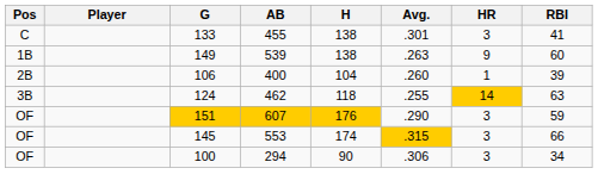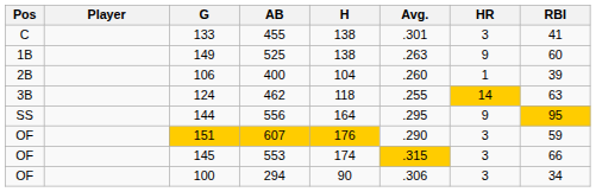 <table class="wikitable sortable">
 <tr>
 <th bgcolor="#DDDDFF" width="5%">Pos</th>
 <th bgcolor="#DDDDFF" width="16%">Player</th>
 <th bgcolor="#DDDDFF" width="9%">G</th>
 <th bgcolor="#DDDDFF" width="9%">AB</th>
 <th bgcolor="#DDDDFF" width="9%">H</th>
 <th bgcolor="#DDDDFF" width="9%">Avg.</th>
 <th bgcolor="#DDDDFF" width="9%">HR</th>
 <th bgcolor="#DDDDFF" width="9%">RBI</th>
 </tr>
 <tr align="center">
 <td>C</td>
 <td></td>
 <td>133</td>
 <td>455</td>
 <td>138</td>
 <td>.301</td>
 <td>3</td>
 <td>41</td>
 </tr>
 <tr align="center">
 <td>1B</td>
 <td></td>
 <td>149</td>
-<td>539</td>
+<td>525</td>
 <td>138</td>
 <td>.263</td>
 <td>9</td>
 <td>60</td>
 </tr>
 <tr align="center">
 <td>2B</td>
 <td></td>
 <td>106</td>
 <td>400</td>
 <td>104</td>
 <td>.260</td>
 <td>1</td>
 <td>39</td>
 </tr>
 <tr align="center">
 <td>3B</td>
 <td></td>
 <td>124</td>
 <td>462</td>
 <td>118</td>
 <td>.255</td>
 <td style="background:#fc0;">14</td>
 <td>63</td>
+</tr>
+<tr align="center">
+<td>SS</td>
+<td></td>
+<td>144</td>
+<td>556</td>
+<td>164</td>
+<td>.295</td>
+<td>9</td>
+<td style="background:#fc0;">95</td>
 </tr>
 <tr align="center">
 <td>OF</td>
 <td></td>
 <td style="background:#fc0;">151</td>
 <td style="background:#fc0;">607</td>
 <td style="background:#fc0;">176</td>
 <td>.290</td>
 <td>3</td>
 <td>59</td>
 </tr>
 <tr align="center">
 <td>OF</td>
 <td></td>
 <td>145</td>
 <td>553</td>
 <td>174</td>
 <td style="background:#fc0;">.315</td>
 <td>3</td>
 <td>66</td>
 </tr>
 <tr align="center">
 <td>OF</td>
 <td></td>
 <td>100</td>
 <td>294</td>
 <td>90</td>
 <td>.306</td>
 <td>3</td>
 <td>34</td>
 </tr>
 </table>
